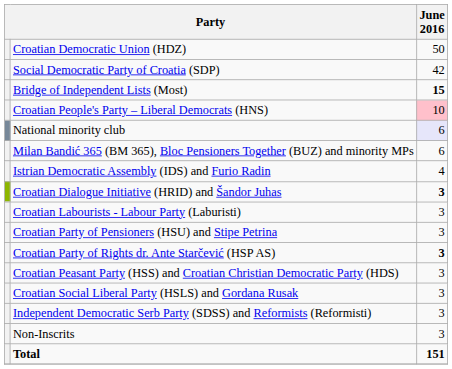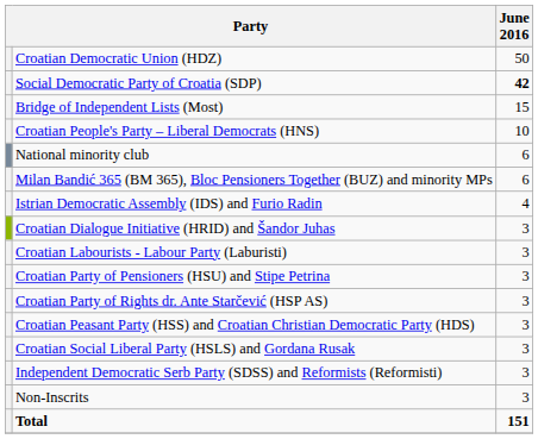 <table class="wikitable" style="font-size: 95%;">
 <tr>
 <th colspan=2>Party</th>
 <th>June<br> 2016</th>
 </tr>
 <tr>
 <th style="background-color: "></th>
 <td><a href='#'>Croatian Democratic Union</a> (HDZ)</td>
 <td align="right">50</td>
 </tr>
 <tr>
 <th style="background-color: "></th>
 <td><a href='#'>Social Democratic Party of Croatia</a> (SDP)</td>
-<td align="right">42</td>
+<td align="right"><strong>42</strong></td>
 </tr>
 <tr>
 <th style="background-color: "></th>
 <td><a href='#'>Bridge of Independent Lists</a> (Most)</td>
-<td align="right"><strong>15</strong></td>
+<td align="right">15</td>
 </tr>
 <tr>
 <th style="background-color: "></th>
 <td><a href='#'>Croatian People's Party – Liberal Democrats</a> (HNS)</td>
-<td align="right" style="background: pink;">10</td>
+<td align="right">10</td>
 </tr>
 <tr>
 <th style="background-color: #778899"></th>
 <td>National minority club</td>
-<td align="right" style="background: lavender;">6</td>
+<td align="right">6</td>
 </tr>
 <tr>
 <th style="background-color: "></th>
 <td><a href='#'>Milan Bandić 365</a> (BM 365), <a href='#'>Bloc Pensioners Together</a> (BUZ) and minority MPs</td>
 <td align="right">6</td>
 </tr>
 <tr>
 <th style="background-color: "></th>
 <td><a href='#'>Istrian Democratic Assembly</a> (IDS) and <a href='#'>Furio Radin</a></td>
 <td align="right">4</td>
 </tr>
 <tr>
 <th style="background-color: #8DB600"></th>
 <td><a href='#'>Croatian Dialogue Initiative</a> (HRID) and <a href='#'>Šandor Juhas</a></td>
-<td align="right"><strong>3</strong></td>
+<td align="right">3</td>
 </tr>
 <tr>
 <th style="background-color: "></th>
 <td><a href='#'>Croatian Labourists - Labour Party</a> (Laburisti)</td>
 <td align="right">3</td>
 </tr>
 <tr>
 <th style="background-color: "></th>
 <td><a href='#'>Croatian Party of Pensioners</a> (HSU) and <a href='#'>Stipe Petrina</a></td>
 <td align="right">3</td>
 </tr>
 <tr>
 <th style="background-color: "></th>
 <td><a href='#'>Croatian Party of Rights dr. Ante Starčević</a> (HSP AS)</td>
-<td align="right"><strong>3</strong></td>
+<td align="right">3</td>
 </tr>
 <tr>
 <th style="background-color: "></th>
 <td><a href='#'>Croatian Peasant Party</a> (HSS) and <a href='#'>Croatian Christian Democratic Party</a> (HDS)</td>
 <td align="right">3</td>
 </tr>
 <tr>
 <th style="background-color: "></th>
 <td><a href='#'>Croatian Social Liberal Party</a> (HSLS) and <a href='#'>Gordana Rusak</a></td>
 <td align="right">3</td>
 </tr>
 <tr>
 <th style="background-color: "></th>
 <td><a href='#'>Independent Democratic Serb Party</a> (SDSS) and <a href='#'>Reformists</a> (Reformisti)</td>
 <td align="right">3</td>
 </tr>
 <tr>
 <th style="background-color: "></th>
 <td>Non-Inscrits</td>
 <td align="right">3</td>
 </tr>
 <tr>
 <th style="background-color: "></th>
 <td><strong>Total</strong></td>
 <td align="right"><strong>151</strong></td>
 </tr>
 <tr>
 </tr>
 </table>
